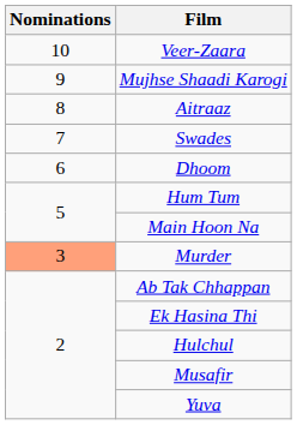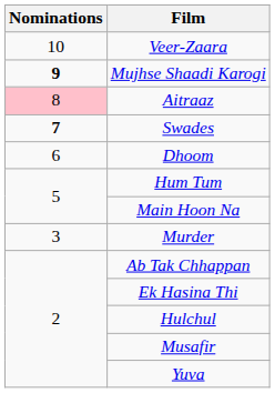 <table class="wikitable plainrowheaders" style="text-align:center;">
 <tr>
 <th scope="col" style="width:55px;">Nominations</th>
 <th scope="col" style="text-align:center;">Film</th>
 </tr>
 <tr>
 <td scope="row" style="text-align:center">10</td>
 <td><em><a href='#'>Veer-Zaara</a></em></td>
 </tr>
 <tr>
-<td scope="row" style="text-align:center">9</td>
+<td scope="row" style="text-align:center"><strong>9</strong></td>
 <td><em><a href='#'>Mujhse Shaadi Karogi</a></em></td>
 </tr>
 <tr>
-<td>8</td>
+<td style="background: pink;">8</td>
 <td><em><a href='#'>Aitraaz</a></em></td>
 </tr>
 <tr>
-<td>7</td>
+<td><strong>7</strong></td>
 <td><em><a href='#'>Swades</a></em></td>
 </tr>
 <tr>
 <td>6</td>
 <td><em><a href='#'>Dhoom</a></em></td>
 </tr>
 <tr>
 <td rowspan="2">5</td>
 <td><a href='#'><em>Hum Tum</em></a></td>
 </tr>
 <tr>
 <td><em><a href='#'>Main Hoon Na</a></em></td>
 </tr>
 <tr>
-<td style="background: lightsalmon;">3</td>
+<td>3</td>
 <td><a href='#'><em>Murder</em></a></td>
 </tr>
 <tr>
 <td rowspan="5">2</td>
 <td><em><a href='#'>Ab Tak Chhappan</a></em></td>
 </tr>
 <tr>
 <td><a href='#'><em>Ek Hasina Thi</em></a></td>
 </tr>
 <tr>
 <td><a href='#'><em>Hulchul</em></a></td>
 </tr>
 <tr>
 <td><a href='#'><em>Musafir</em></a></td>
 </tr>
 <tr>
 <td><em><a href='#'>Yuva</a></em></td>
 </tr>
 </table>
